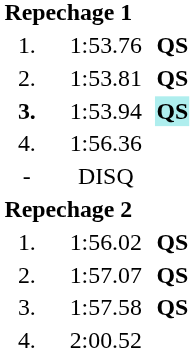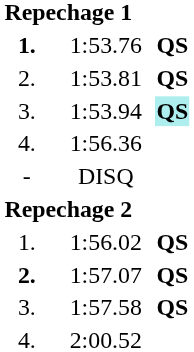 <table style="text-align:center">
 <tr>
 <td colspan=4 align=left><strong>Repechage 1</strong></td>
 </tr>
 <tr>
-<td width=30>1.</td>
+<td width=30><strong>1.</strong></td>
 <td align=left></td>
 <td width=60>1:53.76</td>
 <td><strong>QS</strong></td>
 </tr>
 <tr>
 <td>2.</td>
 <td align=left></td>
 <td>1:53.81</td>
 <td><strong>QS</strong></td>
 </tr>
 <tr>
-<td><strong>3.</strong></td>
+<td>3.</td>
 <td align=left></td>
 <td>1:53.94</td>
 <td style="background: paleturquoise;"><strong>QS</strong></td>
 </tr>
 <tr>
 <td>4.</td>
 <td align=left></td>
 <td>1:56.36</td>
 <td></td>
 </tr>
 <tr>
 <td>-</td>
 <td align=left></td>
 <td>DISQ</td>
 <td></td>
 </tr>
 <tr>
 <td colspan=4 align=left><strong>Repechage 2</strong></td>
 </tr>
 <tr>
 <td>1.</td>
 <td align=left></td>
 <td>1:56.02</td>
 <td><strong>QS</strong></td>
 </tr>
 <tr>
-<td>2.</td>
+<td><strong>2.</strong></td>
 <td align=left></td>
 <td>1:57.07</td>
 <td><strong>QS</strong></td>
 </tr>
 <tr>
 <td>3.</td>
 <td align=left></td>
 <td>1:57.58</td>
 <td><strong>QS</strong></td>
 </tr>
 <tr>
 <td>4.</td>
 <td align=left></td>
 <td>2:00.52</td>
 <td></td>
 </tr>
 </table>
